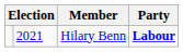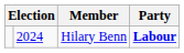 <table class="wikitable">
 <tr>
 <th colspan="2">Election</th>
 <th>Member</th>
 <th>Party</th>
 </tr>
 <tr>
 <td style="color:inherit;background-color: "></td>
-<td><a href='#'>2021</a></td>
+<td><a href='#'>2024</a></td>
 <td><a href='#'>Hilary Benn</a></td>
 <td><strong><a href='#'>Labour</a></strong></td>
 </tr>
 </table>
